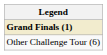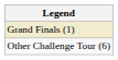 <table class="wikitable" style="font-size:95%;">
 <tr>
 <th>Legend</th>
 </tr>
 <tr style="background:#f2ecce;">
-<td><strong>Grand Finals (1)</strong></td>
+<td>Grand Finals (1)</td>
 </tr>
 <tr>
 <td>Other Challenge Tour (6)</td>
 </tr>
 </table>
